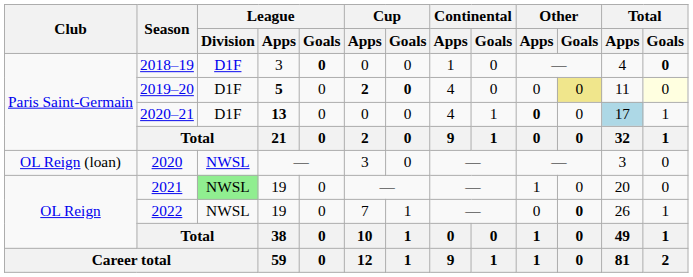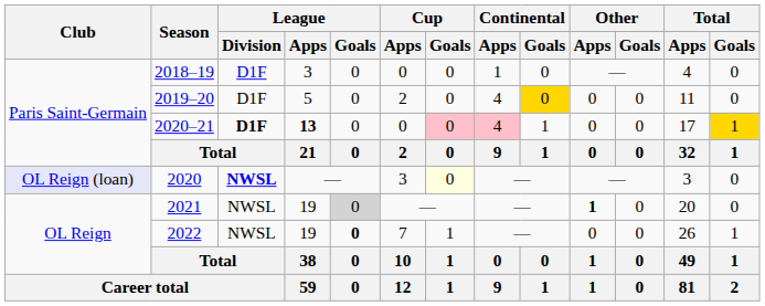 <table class="wikitable" Style="text-align: center">
 <tr>
 <th rowspan="2">Club</th>
 <th rowspan="2">Season</th>
 <th colspan="3">League</th>
 <th colspan="2">Cup</th>
 <th colspan="2">Continental</th>
 <th colspan="2">Other</th>
 <th colspan="2">Total</th>
 </tr>
 <tr>
 <th>Division</th>
 <th>Apps</th>
 <th>Goals</th>
 <th>Apps</th>
 <th>Goals</th>
 <th>Apps</th>
 <th>Goals</th>
 <th>Apps</th>
 <th>Goals</th>
 <th>Apps</th>
 <th>Goals</th>
 </tr>
 <tr>
 <td rowspan="4"><a href='#'>Paris Saint-Germain</a></td>
 <td><a href='#'>2018–19</a></td>
 <td><a href='#'>D1F</a></td>
 <td>3</td>
-<td><strong>0</strong></td>
+<td>0</td>
 <td>0</td>
 <td>0</td>
 <td>1</td>
 <td>0</td>
 <td colspan="2">—</td>
 <td>4</td>
-<td><strong>0</strong></td>
+<td>0</td>
 </tr>
 <tr>
 <td><a href='#'>2019–20</a></td>
 <td>D1F</td>
-<td><strong>5</strong></td>
+<td>5</td>
 <td>0</td>
-<td><strong>2</strong></td>
-<td><strong>0</strong></td>
+<td>2</td>
+<td>0</td>
 <td>4</td>
+<td style="background: gold;">0</td>
 <td>0</td>
 <td>0</td>
-<td style="background: khaki;">0</td>
 <td>11</td>
-<td style="background: lightyellow;">0</td>
+<td>0</td>
 </tr>
 <tr>
 <td><a href='#'>2020–21</a></td>
-<td>D1F</td>
+<td><strong>D1F</strong></td>
 <td><strong>13</strong></td>
 <td>0</td>
 <td>0</td>
+<td style="background: pink;">0</td>
+<td style="background: pink;">4</td>
+<td>1</td>
 <td>0</td>
-<td>4</td>
-<td>1</td>
-<td><strong>0</strong></td>
 <td>0</td>
-<td style="background: lightblue;">17</td>
-<td>1</td>
+<td>17</td>
+<td style="background: gold;">1</td>
 </tr>
 <tr>
 <th colspan="2">Total</th>
 <th>21</th>
 <th>0</th>
 <th>2</th>
 <th>0</th>
 <th>9</th>
 <th>1</th>
 <th>0</th>
 <th>0</th>
 <th>32</th>
 <th>1</th>
 </tr>
 <tr>
-<td><a href='#'>OL Reign</a> (loan)</td>
+<td style="background: lavender;"><a href='#'>OL Reign</a> (loan)</td>
 <td><a href='#'>2020</a></td>
-<td><a href='#'>NWSL</a></td>
+<td><strong><a href='#'>NWSL</a></strong></td>
 <td colspan="2">—</td>
 <td>3</td>
-<td>0</td>
+<td style="background: lightyellow;">0</td>
 <td colspan="2">—</td>
 <td colspan="2">—</td>
 <td>3</td>
 <td>0</td>
 </tr>
 <tr>
 <td rowspan="3"><a href='#'>OL Reign</a></td>
 <td><a href='#'>2021</a></td>
-<td style="background: lightgreen;">NWSL</td>
+<td>NWSL</td>
 <td>19</td>
-<td>0</td>
+<td style="background: lightgrey;">0</td>
 <td colspan="2">—</td>
 <td colspan="2">—</td>
-<td>1</td>
+<td><strong>1</strong></td>
 <td>0</td>
 <td>20</td>
 <td>0</td>
 </tr>
 <tr>
 <td><a href='#'>2022</a></td>
 <td>NWSL</td>
 <td>19</td>
-<td>0</td>
+<td><strong>0</strong></td>
 <td>7</td>
 <td>1</td>
 <td colspan="2">—</td>
 <td>0</td>
-<td><strong>0</strong></td>
+<td>0</td>
 <td>26</td>
 <td>1</td>
 </tr>
 <tr>
 <th colspan="2">Total</th>
 <th>38</th>
 <th>0</th>
 <th>10</th>
 <th>1</th>
 <th>0</th>
 <th>0</th>
 <th>1</th>
 <th>0</th>
 <th>49</th>
 <th>1</th>
 </tr>
 <tr>
 <th colspan="3">Career total</th>
 <th>59</th>
 <th>0</th>
 <th>12</th>
 <th>1</th>
 <th>9</th>
 <th>1</th>
 <th>1</th>
 <th>0</th>
 <th>81</th>
 <th>2</th>
 </tr>
 </table>
